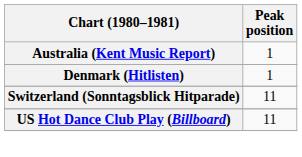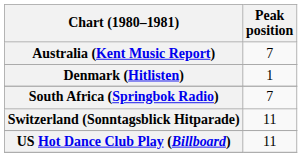 <table class="wikitable sortable plainrowheaders" style="text-align:center">
 <tr>
 <th scope="col">Chart (1980–1981)</th>
 <th scope="col">Peak<br>position</th>
 </tr>
 <tr>
 <th scope="row">Australia (<a href='#'>Kent Music Report</a>)</th>
-<td style="text-align:center;">1</td>
+<td style="text-align:center;">7</td>
 </tr>
 <tr>
 </tr>
 <tr>
 </tr>
 <tr>
 <th scope="row">Denmark (<a href='#'>Hitlisten</a>)</th>
 <td>1</td>
 </tr>
 <tr>
 </tr>
 <tr>
 </tr>
 <tr>
 </tr>
 <tr>
+<th scope="row">South Africa (<a href='#'>Springbok Radio</a>)</th>
+<td align="center">7</td>
+</tr>
+<tr>
 <th scope="row">Switzerland (Sonntagsblick Hitparade)</th>
 <td align="center">11</td>
 </tr>
 <tr>
 </tr>
 <tr>
 <th scope="row">US <a href='#'>Hot Dance Club Play</a> (<em><a href='#'>Billboard</a></em>)</th>
 <td>11</td>
 </tr>
 <tr>
 </tr>
 </table>
